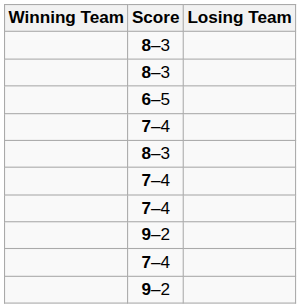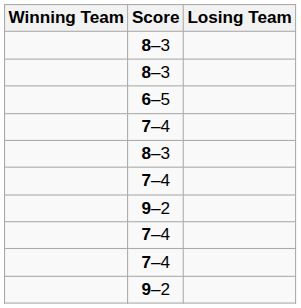 <table class="wikitable">
 <tr>
 <th>Winning Team</th>
 <th>Score</th>
 <th>Losing Team</th>
 </tr>
 <tr>
 <td><strong></strong></td>
 <td align="center"><strong>8</strong>–3</td>
 <td></td>
 </tr>
 <tr>
 <td><strong></strong></td>
 <td align="center"><strong>8</strong>–3</td>
 <td></td>
 </tr>
 <tr>
 <td><strong></strong></td>
 <td align="center"><strong>6</strong>–5</td>
 <td></td>
 </tr>
 <tr>
 <td><strong></strong></td>
 <td align="center"><strong>7</strong>–4</td>
 <td></td>
 </tr>
 <tr>
 <td><strong></strong></td>
 <td align="center"><strong>8</strong>–3</td>
 <td></td>
 </tr>
 <tr>
 <td><strong></strong></td>
 <td align="center"><strong>7</strong>–4</td>
 <td></td>
 </tr>
 <tr>
 <td><strong></strong></td>
-<td align="center"><strong>7</strong>–4</td>
+<td align="center"><strong>9</strong>–2</td>
 <td></td>
 </tr>
 <tr>
 <td><strong></strong></td>
-<td align="center"><strong>9</strong>–2</td>
+<td align="center"><strong>7</strong>–4</td>
 <td></td>
 </tr>
 <tr>
 <td><strong></strong></td>
 <td align="center"><strong>7</strong>–4</td>
 <td></td>
 </tr>
 <tr>
 <td><strong></strong></td>
 <td align="center"><strong>9</strong>–2</td>
 <td></td>
 </tr>
 </table>
